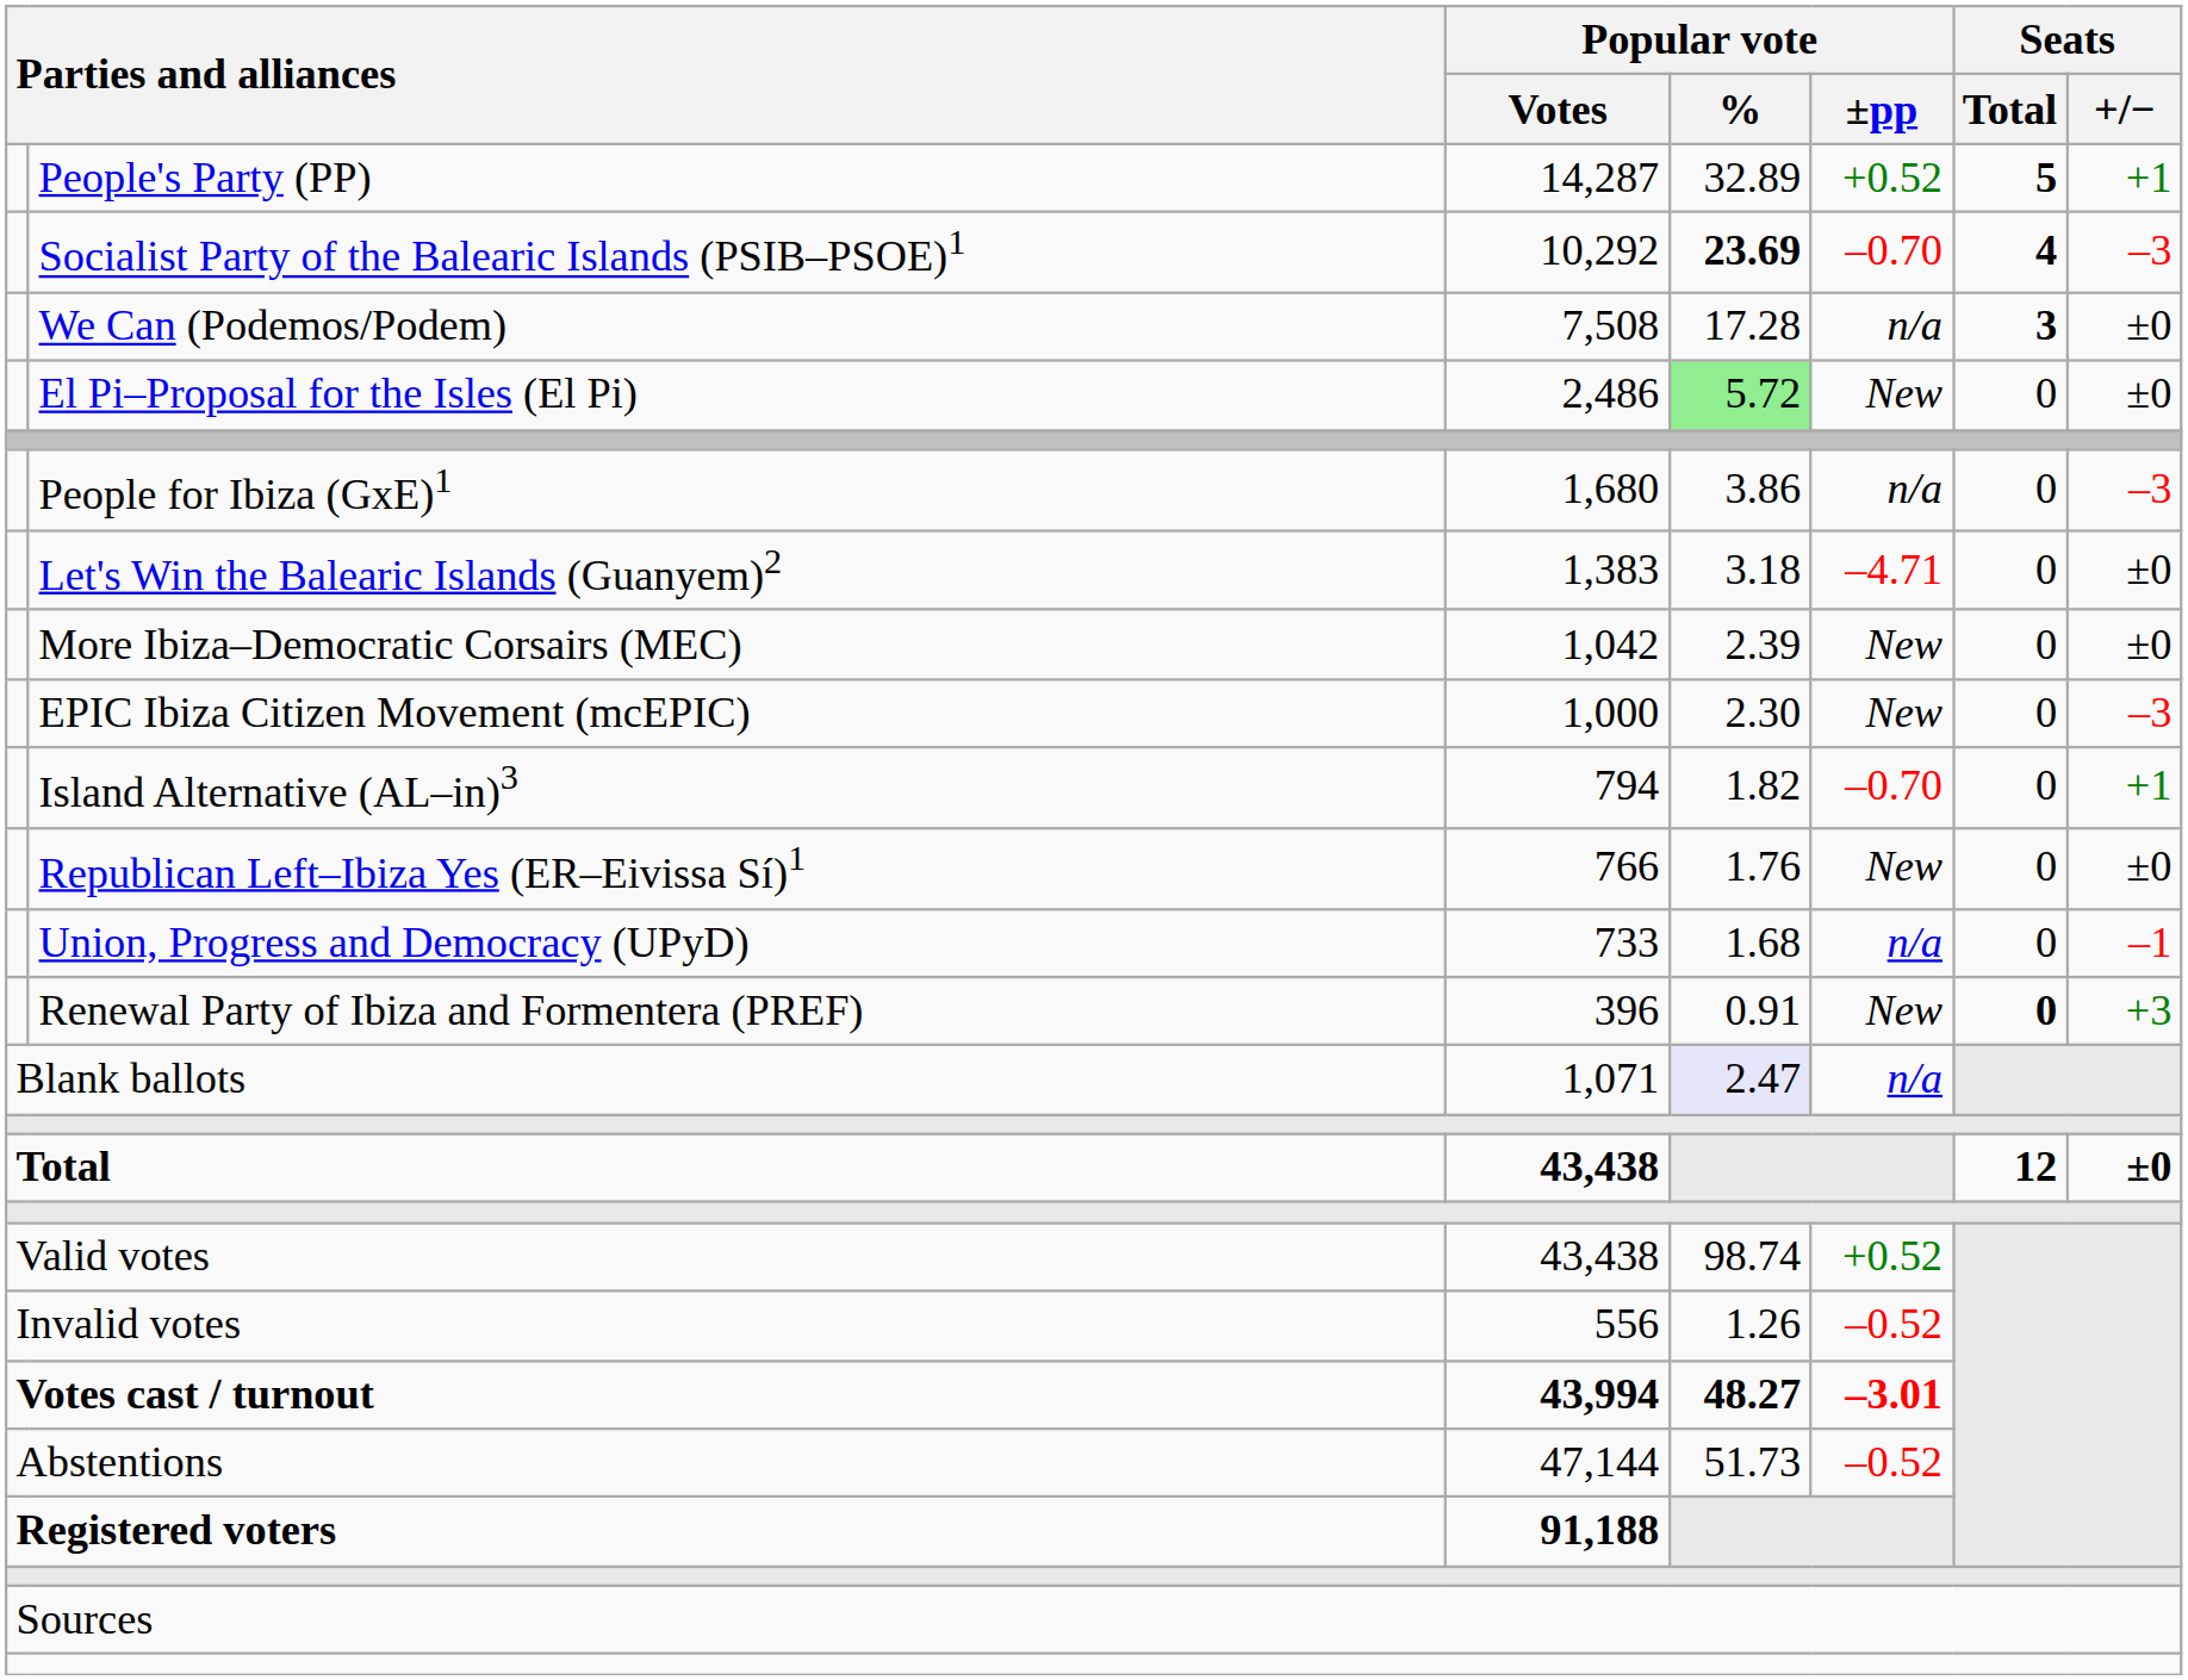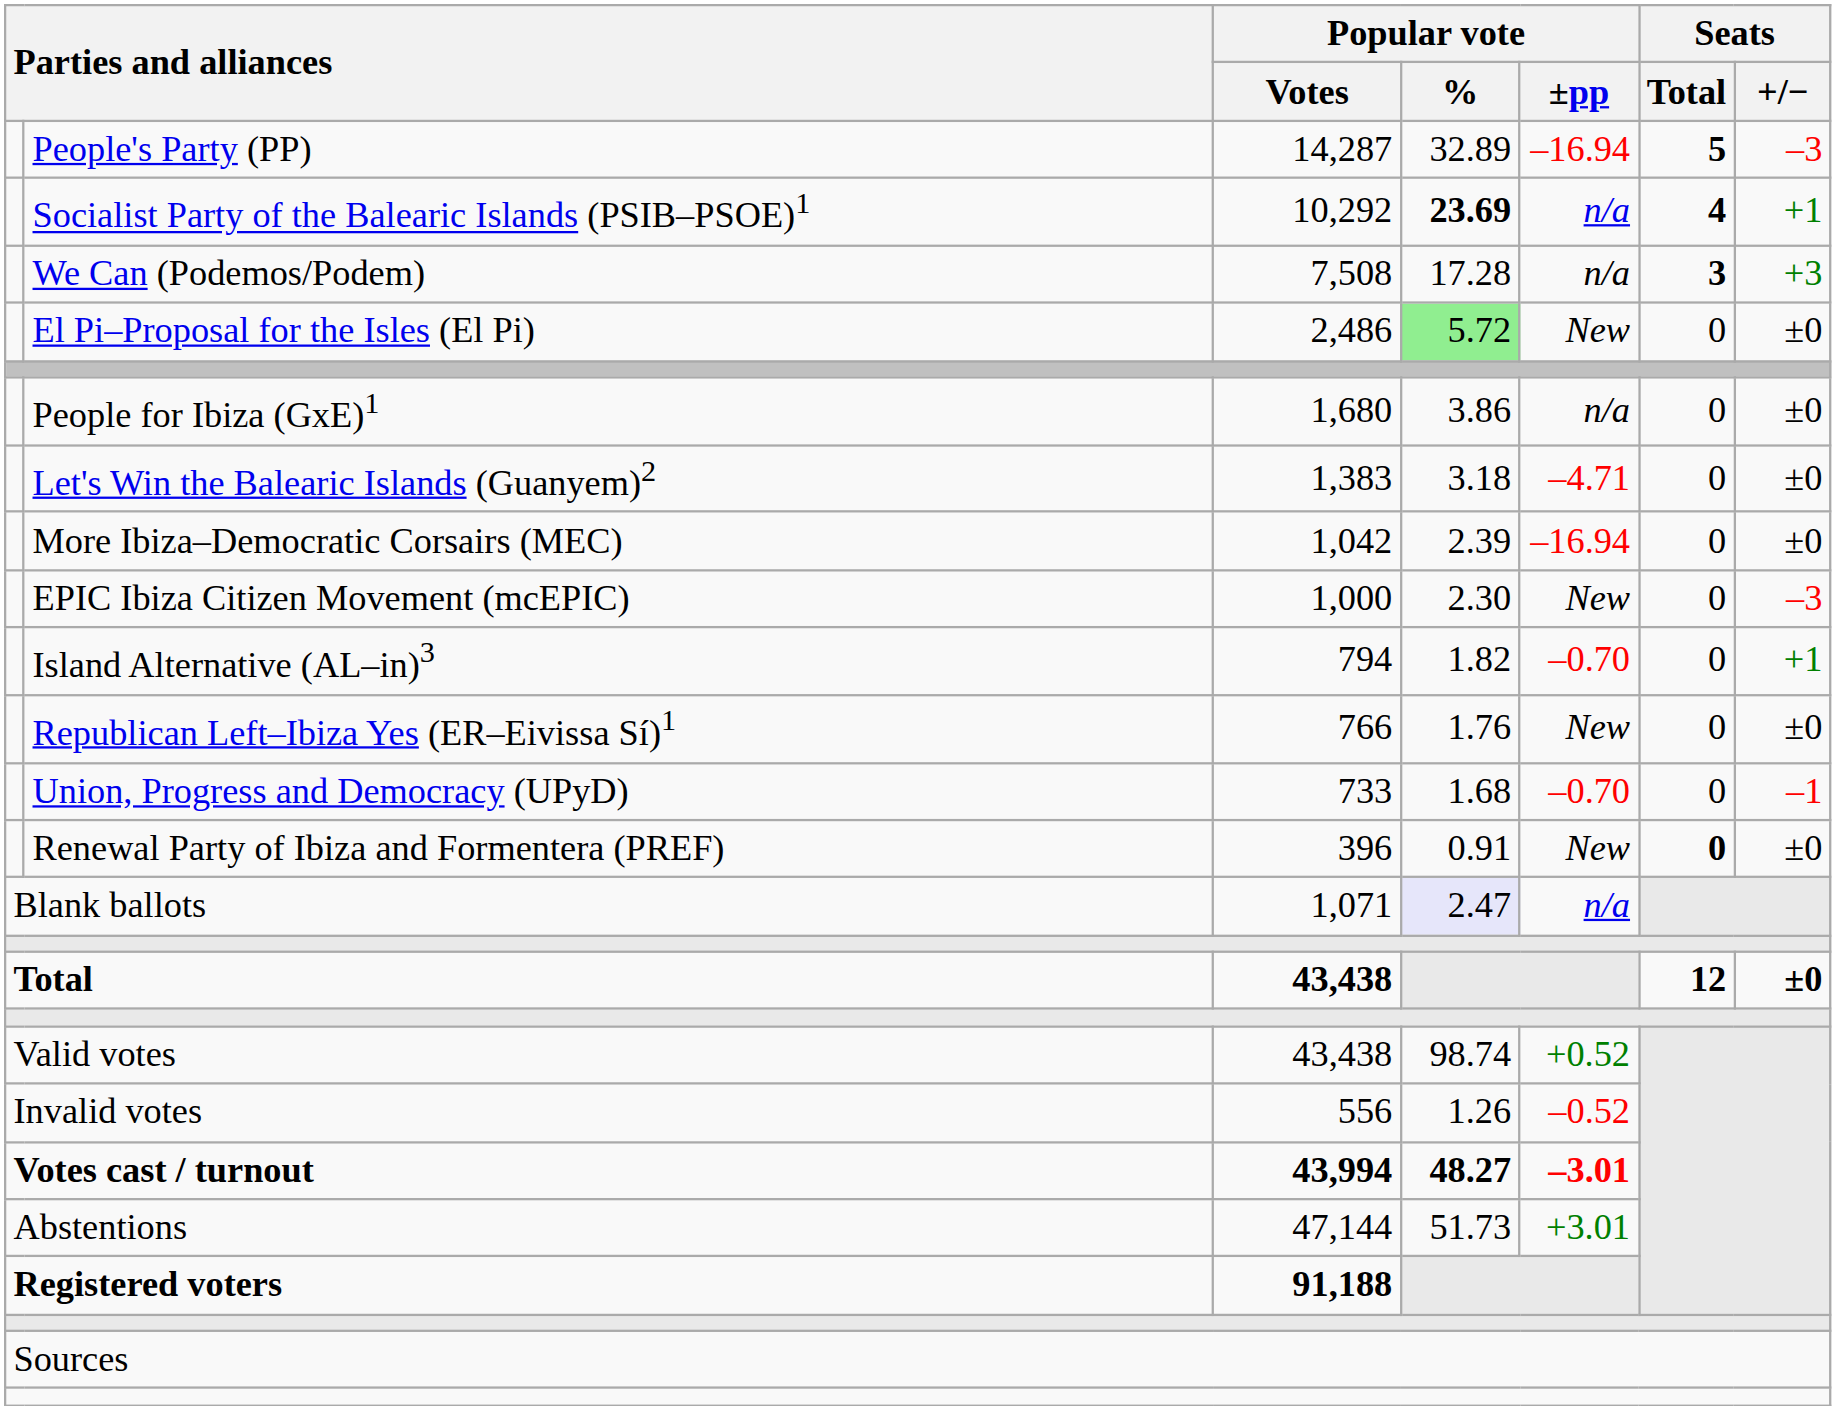 <table class="wikitable" style="text-align:right;">
 <tr>
 <th style="text-align:left;" rowspan="2" colspan="2" width="525">Parties and alliances</th>
 <th colspan="3">Popular vote</th>
 <th colspan="2">Seats</th>
 </tr>
 <tr>
 <th width="75">Votes</th>
 <th width="45">%</th>
 <th width="45">±<a href='#'>pp</a></th>
 <th width="35">Total</th>
 <th width="35">+/−</th>
 </tr>
 <tr>
 <td width="1" style="color:inherit;background:"></td>
 <td align="left"><a href='#'>People's Party</a> (PP)</td>
 <td>14,287</td>
 <td>32.89</td>
-<td style="color:green;">+0.52</td>
+<td style="color:red;">–16.94</td>
 <td><strong>5</strong></td>
-<td style="color:green;">+1</td>
+<td style="color:red;">–3</td>
 </tr>
 <tr>
 <td style="color:inherit;background:"></td>
 <td align="left"><a href='#'>Socialist Party of the Balearic Islands</a> (PSIB–PSOE)<sup>1</sup></td>
 <td>10,292</td>
 <td><strong>23.69</strong></td>
-<td style="color:red;">–0.70</td>
+<td><em><a href='#'>n/a</a></em></td>
 <td><strong>4</strong></td>
-<td style="color:red;">–3</td>
+<td style="color:green;">+1</td>
 </tr>
 <tr>
 <td style="color:inherit;background:"></td>
 <td align="left"><a href='#'>We Can</a> (Podemos/Podem)</td>
 <td>7,508</td>
 <td>17.28</td>
 <td><em>n/a</em></td>
 <td><strong>3</strong></td>
-<td>±0</td>
+<td style="color:green;">+3</td>
 </tr>
 <tr>
 <td style="color:inherit;background:"></td>
 <td align="left"><a href='#'>El Pi–Proposal for the Isles</a> (El Pi)</td>
 <td>2,486</td>
 <td style="background: lightgreen;">5.72</td>
 <td><em>New</em></td>
 <td>0</td>
 <td>±0</td>
 </tr>
 <tr>
 <td colspan="7" bgcolor="#C0C0C0"></td>
 </tr>
 <tr>
 <td style="color:inherit;background:"></td>
 <td align="left">People for Ibiza (GxE)<sup>1</sup></td>
 <td>1,680</td>
 <td>3.86</td>
 <td><em>n/a</em></td>
 <td>0</td>
-<td style="color:red;">–3</td>
+<td>±0</td>
 </tr>
 <tr>
 <td style="color:inherit;background:"></td>
 <td align="left"><a href='#'>Let's Win the Balearic Islands</a> (Guanyem)<sup>2</sup></td>
 <td>1,383</td>
 <td>3.18</td>
 <td style="color:red;">–4.71</td>
 <td>0</td>
 <td>±0</td>
 </tr>
 <tr>
 <td style="color:inherit;background:"></td>
 <td align="left">More Ibiza–Democratic Corsairs (MEC)</td>
 <td>1,042</td>
 <td>2.39</td>
-<td><em>New</em></td>
+<td style="color:red;">–16.94</td>
 <td>0</td>
 <td>±0</td>
 </tr>
 <tr>
 <td style="color:inherit;background:"></td>
 <td align="left">EPIC Ibiza Citizen Movement (mcEPIC)</td>
 <td>1,000</td>
 <td>2.30</td>
 <td><em>New</em></td>
 <td>0</td>
 <td style="color:red;">–3</td>
 </tr>
 <tr>
 <td style="color:inherit;background:"></td>
 <td align="left">Island Alternative (AL–in)<sup>3</sup></td>
 <td>794</td>
 <td>1.82</td>
 <td style="color:red;">–0.70</td>
 <td>0</td>
 <td style="color:green;">+1</td>
 </tr>
 <tr>
 <td style="color:inherit;background:"></td>
 <td align="left"><a href='#'>Republican Left–Ibiza Yes</a> (ER–Eivissa Sí)<sup>1</sup></td>
 <td>766</td>
 <td>1.76</td>
 <td><em>New</em></td>
 <td>0</td>
 <td>±0</td>
 </tr>
 <tr>
 <td style="color:inherit;background:"></td>
 <td align="left"><a href='#'>Union, Progress and Democracy</a> (UPyD)</td>
 <td>733</td>
 <td>1.68</td>
-<td><em><a href='#'>n/a</a></em></td>
+<td style="color:red;">–0.70</td>
 <td>0</td>
 <td style="color:red;">–1</td>
 </tr>
 <tr>
 <td style="color:inherit;background:"></td>
 <td align="left">Renewal Party of Ibiza and Formentera (PREF)</td>
 <td>396</td>
 <td>0.91</td>
 <td><em>New</em></td>
 <td><strong>0</strong></td>
-<td style="color:green;">+3</td>
+<td>±0</td>
 </tr>
 <tr>
 <td align="left" colspan="2">Blank ballots</td>
 <td>1,071</td>
 <td style="background: lavender;">2.47</td>
 <td><em><a href='#'>n/a</a></em></td>
 <td bgcolor="#E9E9E9" colspan="2"></td>
 </tr>
 <tr>
 <td colspan="7" bgcolor="#E9E9E9"></td>
 </tr>
 <tr style="font-weight:bold;">
 <td align="left" colspan="2">Total</td>
 <td>43,438</td>
 <td bgcolor="#E9E9E9" colspan="2"></td>
 <td>12</td>
 <td>±0</td>
 </tr>
 <tr>
 <td colspan="7" bgcolor="#E9E9E9"></td>
 </tr>
 <tr>
 <td align="left" colspan="2">Valid votes</td>
 <td>43,438</td>
 <td>98.74</td>
 <td style="color:green;">+0.52</td>
 <td bgcolor="#E9E9E9" colspan="2" rowspan="5"></td>
 </tr>
 <tr>
 <td align="left" colspan="2">Invalid votes</td>
 <td>556</td>
 <td>1.26</td>
 <td style="color:red;">–0.52</td>
 </tr>
 <tr style="font-weight:bold;">
 <td align="left" colspan="2">Votes cast / turnout</td>
 <td>43,994</td>
 <td>48.27</td>
 <td style="color:red;">–3.01</td>
 </tr>
 <tr>
 <td align="left" colspan="2">Abstentions</td>
 <td>47,144</td>
 <td>51.73</td>
-<td style="color:red;">–0.52</td>
+<td style="color:green;">+3.01</td>
 </tr>
 <tr style="font-weight:bold;">
 <td align="left" colspan="2">Registered voters</td>
 <td>91,188</td>
 <td bgcolor="#E9E9E9" colspan="2"></td>
 </tr>
 <tr>
 <td colspan="7" bgcolor="#E9E9E9"></td>
 </tr>
 <tr>
 <td align="left" colspan="7">Sources</td>
 </tr>
 <tr>
 <td colspan="7" style="text-align:left; max-width:790px;"></td>
 </tr>
 </table>
